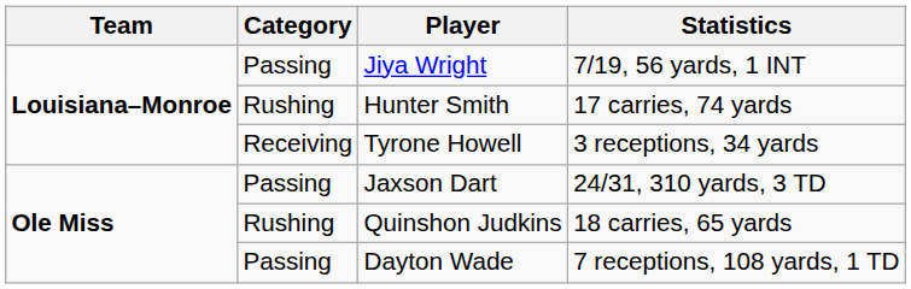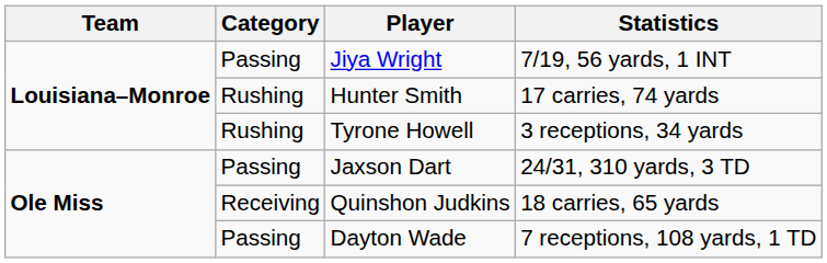 <table class="wikitable" style="float: right;">
 <tr>
 <th>Team</th>
 <th>Category</th>
 <th>Player</th>
 <th>Statistics</th>
 </tr>
 <tr>
 <td rowspan=3><strong>Louisiana–Monroe</strong></td>
 <td>Passing</td>
 <td><a href='#'>Jiya Wright</a></td>
 <td>7/19, 56 yards, 1 INT</td>
 </tr>
 <tr>
 <td>Rushing</td>
 <td>Hunter Smith</td>
 <td>17 carries, 74 yards</td>
 </tr>
 <tr>
-<td>Receiving</td>
+<td>Rushing</td>
 <td>Tyrone Howell</td>
 <td>3 receptions, 34 yards</td>
 </tr>
 <tr>
 <td rowspan=3><strong>Ole Miss</strong></td>
 <td>Passing</td>
 <td>Jaxson Dart</td>
 <td>24/31, 310 yards, 3 TD</td>
 </tr>
 <tr>
-<td>Rushing</td>
+<td>Receiving</td>
 <td>Quinshon Judkins</td>
 <td>18 carries, 65 yards</td>
 </tr>
 <tr>
 <td>Passing</td>
 <td>Dayton Wade</td>
 <td>7 receptions, 108 yards, 1 TD</td>
 </tr>
 </table>
